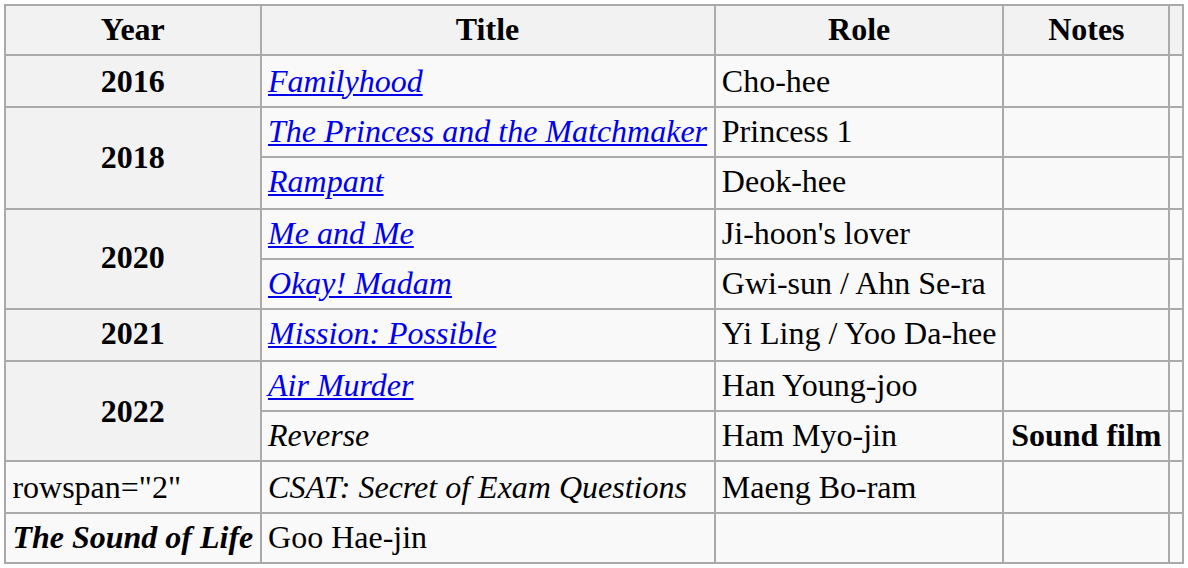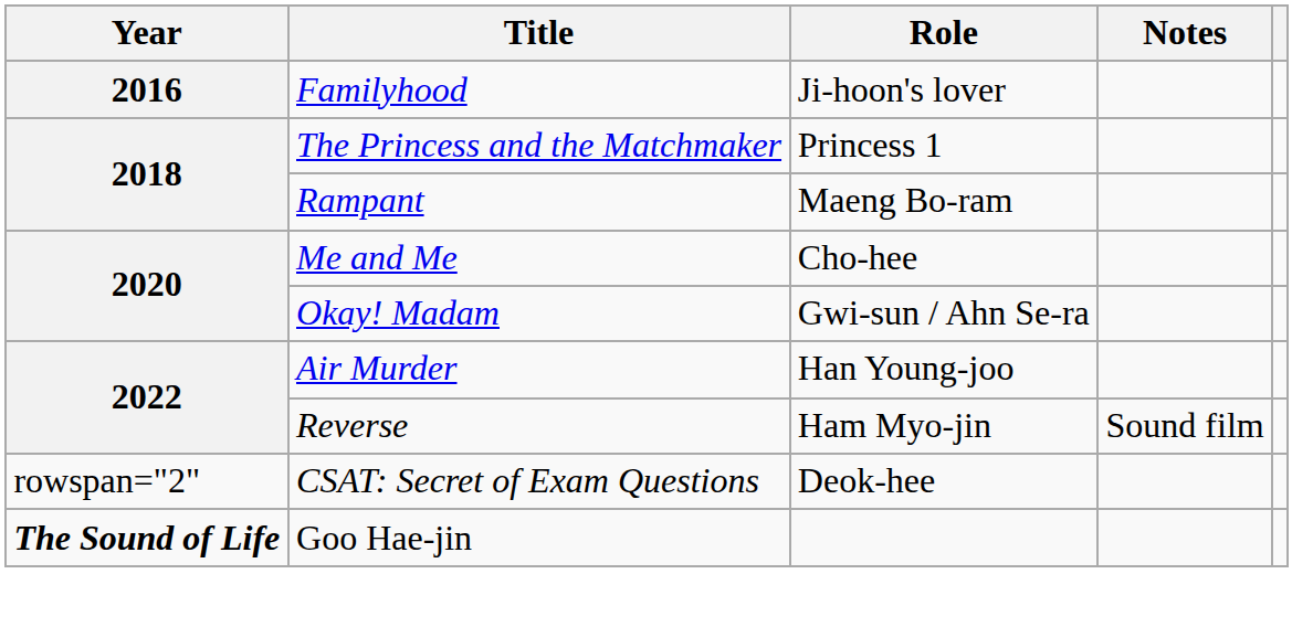 <table class="wikitable plainrowheaders sortable">
 <tr>
 <th scope="col">Year</th>
 <th scope="col">Title</th>
 <th scope="col">Role</th>
 <th scope="col">Notes</th>
 <th scope="col" class="unsortable"></th>
 </tr>
 <tr>
 <th scope="row">2016</th>
 <td><em><a href='#'>Familyhood</a></em></td>
-<td>Cho-hee</td>
+<td>Ji-hoon's lover</td>
 <td></td>
 <td style="text-align:center"></td>
 </tr>
 <tr>
 <th scope="row" rowspan="2">2018</th>
 <td><em><a href='#'>The Princess and the Matchmaker</a></em></td>
 <td>Princess 1</td>
 <td></td>
 <td style="text-align:center"></td>
 </tr>
 <tr>
 <td><em><a href='#'>Rampant</a></em></td>
-<td>Deok-hee</td>
+<td>Maeng Bo-ram</td>
 <td></td>
 <td style="text-align:center"></td>
 </tr>
 <tr>
 <th scope="row" rowspan="2">2020</th>
 <td><em><a href='#'>Me and Me</a></em></td>
-<td>Ji-hoon's lover</td>
+<td>Cho-hee</td>
 <td></td>
 <td style="text-align:center"></td>
 </tr>
 <tr>
 <td><em><a href='#'>Okay! Madam</a></em></td>
 <td>Gwi-sun / Ahn Se-ra</td>
-<td></td>
-<td style="text-align:center"></td>
-</tr>
-<tr>
-<th scope="row">2021</th>
-<td><em><a href='#'>Mission: Possible</a></em></td>
-<td>Yi Ling / Yoo Da-hee</td>
 <td></td>
 <td style="text-align:center"></td>
 </tr>
 <tr>
 <th scope="row" rowspan="2">2022</th>
 <td><em><a href='#'>Air Murder</a></em></td>
 <td>Han Young-joo</td>
 <td></td>
 <td style="text-align:center"></td>
 </tr>
 <tr>
 <td><em>Reverse</em></td>
 <td>Ham Myo-jin</td>
-<td><strong>Sound film</strong></td>
+<td>Sound film</td>
 <td style="text-align:center"></td>
 </tr>
 <tr>
 <td>rowspan="2" </td>
 <td><em>CSAT: Secret of Exam Questions</em></td>
-<td>Maeng Bo-ram</td>
+<td>Deok-hee</td>
 <td></td>
 <td style="text-align:center"></td>
 </tr>
 <tr>
 <td><strong><em>The Sound of Life</em></strong></td>
 <td>Goo Hae-jin</td>
 <td></td>
 <td style="text-align:center"></td>
 </tr>
 </table>
